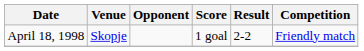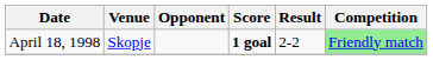 <table class="wikitable">
 <tr>
 <th>Date</th>
 <th>Venue</th>
 <th>Opponent</th>
 <th>Score</th>
 <th>Result</th>
 <th>Competition</th>
 </tr>
 <tr>
 <td>April 18, 1998</td>
 <td><a href='#'>Skopje</a></td>
 <td></td>
-<td>1 goal</td>
+<td><strong>1 goal</strong></td>
 <td>2-2</td>
-<td><a href='#'>Friendly match</a></td>
+<td style="background: lightgreen;"><a href='#'>Friendly match</a></td>
 </tr>
 <tr>
 </tr>
 </table>
